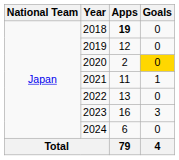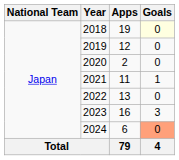 <table class="wikitable" style="text-align:center">
 <tr>
 <th>National Team</th>
 <th>Year</th>
 <th>Apps</th>
 <th>Goals</th>
 </tr>
 <tr>
 <td rowspan="7"><a href='#'>Japan</a></td>
 <td>2018</td>
-<td><strong>19</strong></td>
-<td>0</td>
+<td>19</td>
+<td style="background: lightyellow;">0</td>
 </tr>
 <tr>
 <td>2019</td>
 <td>12</td>
 <td>0</td>
 </tr>
 <tr>
 <td>2020</td>
 <td>2</td>
-<td style="background: gold;">0</td>
+<td>0</td>
 </tr>
 <tr>
 <td>2021</td>
 <td>11</td>
 <td>1</td>
 </tr>
 <tr>
 <td>2022</td>
 <td>13</td>
 <td>0</td>
 </tr>
 <tr>
 <td>2023</td>
 <td>16</td>
 <td>3</td>
 </tr>
 <tr>
 <td>2024</td>
 <td>6</td>
-<td>0</td>
+<td style="background: lightsalmon;">0</td>
 </tr>
 <tr>
 <th colspan="2">Total</th>
 <th>79</th>
 <th>4</th>
 </tr>
 </table>
